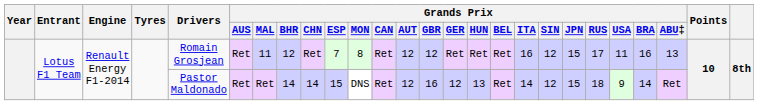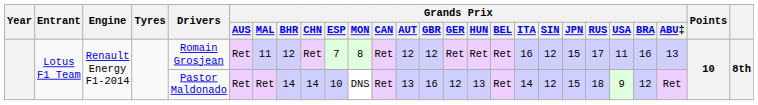 <table class="wikitable" style="text-align:center; font-size:90%">
 <tr>
 <th rowspan="2">Year</th>
 <th rowspan="2">Entrant</th>
 <th rowspan="2">Engine</th>
 <th rowspan="2">Tyres</th>
 <th rowspan="2">Drivers</th>
 <th colspan="19">Grands Prix</th>
 <th rowspan="2">Points</th>
 <th rowspan="2"></th>
 </tr>
 <tr>
 <th><a href='#'>AUS</a></th>
 <th><a href='#'>MAL</a></th>
 <th><a href='#'>BHR</a></th>
 <th><a href='#'>CHN</a></th>
 <th><a href='#'>ESP</a></th>
 <th><a href='#'>MON</a></th>
 <th><a href='#'>CAN</a></th>
 <th><a href='#'>AUT</a></th>
 <th><a href='#'>GBR</a></th>
 <th><a href='#'>GER</a></th>
 <th><a href='#'>HUN</a></th>
 <th><a href='#'>BEL</a></th>
 <th><a href='#'>ITA</a></th>
 <th><a href='#'>SIN</a></th>
 <th><a href='#'>JPN</a></th>
 <th><a href='#'>RUS</a></th>
 <th><a href='#'>USA</a></th>
 <th><a href='#'>BRA</a></th>
 <th><a href='#'>ABU</a>‡</th>
 </tr>
 <tr>
 <th rowspan="2"></th>
 <td rowspan="2"><a href='#'>Lotus F1 Team</a></td>
 <td rowspan="2"><a href='#'>Renault</a> Energy F1-2014</td>
 <td rowspan="2"></td>
 <td align="center"><a href='#'>Romain Grosjean</a></td>
 <td style="background:#efcfff;">Ret</td>
 <td style="background:#cfcfff;">11</td>
 <td style="background:#cfcfff;">12</td>
 <td style="background:#efcfff;">Ret</td>
 <td style="background:#dfffdf;">7</td>
 <td style="background:#dfffdf;">8</td>
 <td style="background:#efcfff;">Ret</td>
 <td style="background:#cfcfff;">12</td>
 <td style="background:#cfcfff;">12</td>
 <td style="background:#efcfff;">Ret</td>
 <td style="background:#efcfff;">Ret</td>
 <td style="background:#efcfff;">Ret</td>
 <td style="background:#cfcfff;">16</td>
 <td style="background:#cfcfff;">12</td>
 <td style="background:#cfcfff;">15</td>
 <td style="background:#cfcfff;">17</td>
 <td style="background:#cfcfff;">11</td>
 <td style="background:#cfcfff;">16</td>
 <td style="background:#cfcfff;">13</td>
 <th rowspan="2">10</th>
 <th rowspan="2">8th</th>
 </tr>
 <tr>
 <td align="center"><a href='#'>Pastor Maldonado</a></td>
 <td style="background:#efcfff;">Ret</td>
 <td style="background:#efcfff;">Ret</td>
 <td style="background:#cfcfff;">14</td>
 <td style="background:#cfcfff;">14</td>
-<td style="background:#cfcfff;">15</td>
+<td style="background:#cfcfff;">10</td>
 <td style="background:#ffffff;">DNS</td>
 <td style="background:#efcfff;">Ret</td>
-<td style="background:#cfcfff;">12</td>
+<td style="background:#cfcfff;">13</td>
 <td style="background:#cfcfff;">16</td>
 <td style="background:#cfcfff;">12</td>
 <td style="background:#cfcfff;">13</td>
 <td style="background:#efcfff;">Ret</td>
 <td style="background:#cfcfff;">14</td>
 <td style="background:#cfcfff;">12</td>
 <td style="background:#cfcfff;">15</td>
 <td style="background:#cfcfff;">18</td>
 <td style="background:#dfffdf;">9</td>
-<td style="background:#cfcfff;">14</td>
+<td style="background:#cfcfff;">12</td>
 <td style="background:#efcfff;">Ret</td>
 </tr>
 </table>
